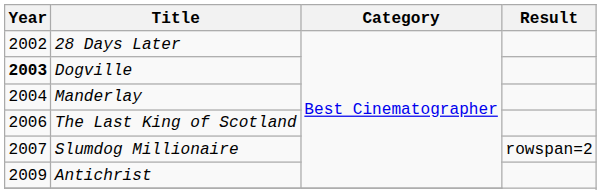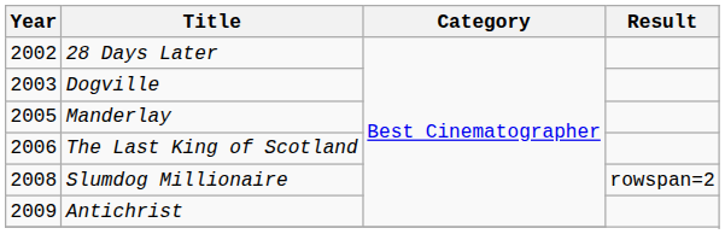 <table class="wikitable">
 <tr>
 <th>Year</th>
 <th>Title</th>
 <th>Category</th>
 <th>Result</th>
 </tr>
 <tr>
 <td>2002</td>
 <td><em>28 Days Later</em></td>
 <td rowspan=6><a href='#'>Best Cinematographer</a></td>
 <td></td>
 </tr>
 <tr>
-<td><strong>2003</strong></td>
+<td>2003</td>
 <td><em>Dogville</em></td>
 <td></td>
 </tr>
 <tr>
-<td>2004</td>
+<td>2005</td>
 <td><em>Manderlay</em></td>
 <td></td>
 </tr>
 <tr>
 <td>2006</td>
 <td><em>The Last King of Scotland</em></td>
 <td></td>
 </tr>
 <tr>
-<td>2007</td>
+<td>2008</td>
 <td><em>Slumdog Millionaire</em></td>
 <td>rowspan=2 </td>
 </tr>
 <tr>
 <td>2009</td>
 <td><em>Antichrist</em></td>
 </tr>
 <tr>
 </tr>
 </table>
